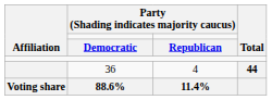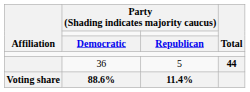 <table class=wikitable style="text-align:center">
 <tr style="vertical-align:bottom;">
 <th rowspan=3>Affiliation</th>
 <th colspan=2>Party <div>(Shading indicates majority caucus)</div></th>
 <th rowspan=3>Total</th>
 </tr>
 <tr style="height:5px">
 <td style="background-color:"></td>
 <td style="background-color:"></td>
 </tr>
 <tr>
 <th><a href='#'>Democratic</a></th>
 <th><a href='#'>Republican</a></th>
 </tr>
 <tr>
 <td colspan=5></td>
 </tr>
 <tr>
 <th nowrap style="font-size:80%"></th>
 <td>36</td>
-<td>4</td>
+<td>5</td>
 <th>44</th>
 </tr>
 <tr>
 <th>Voting share</th>
 <th>88.6%</th>
 <th>11.4%</th>
 <th colspan=2></th>
 </tr>
 </table>
